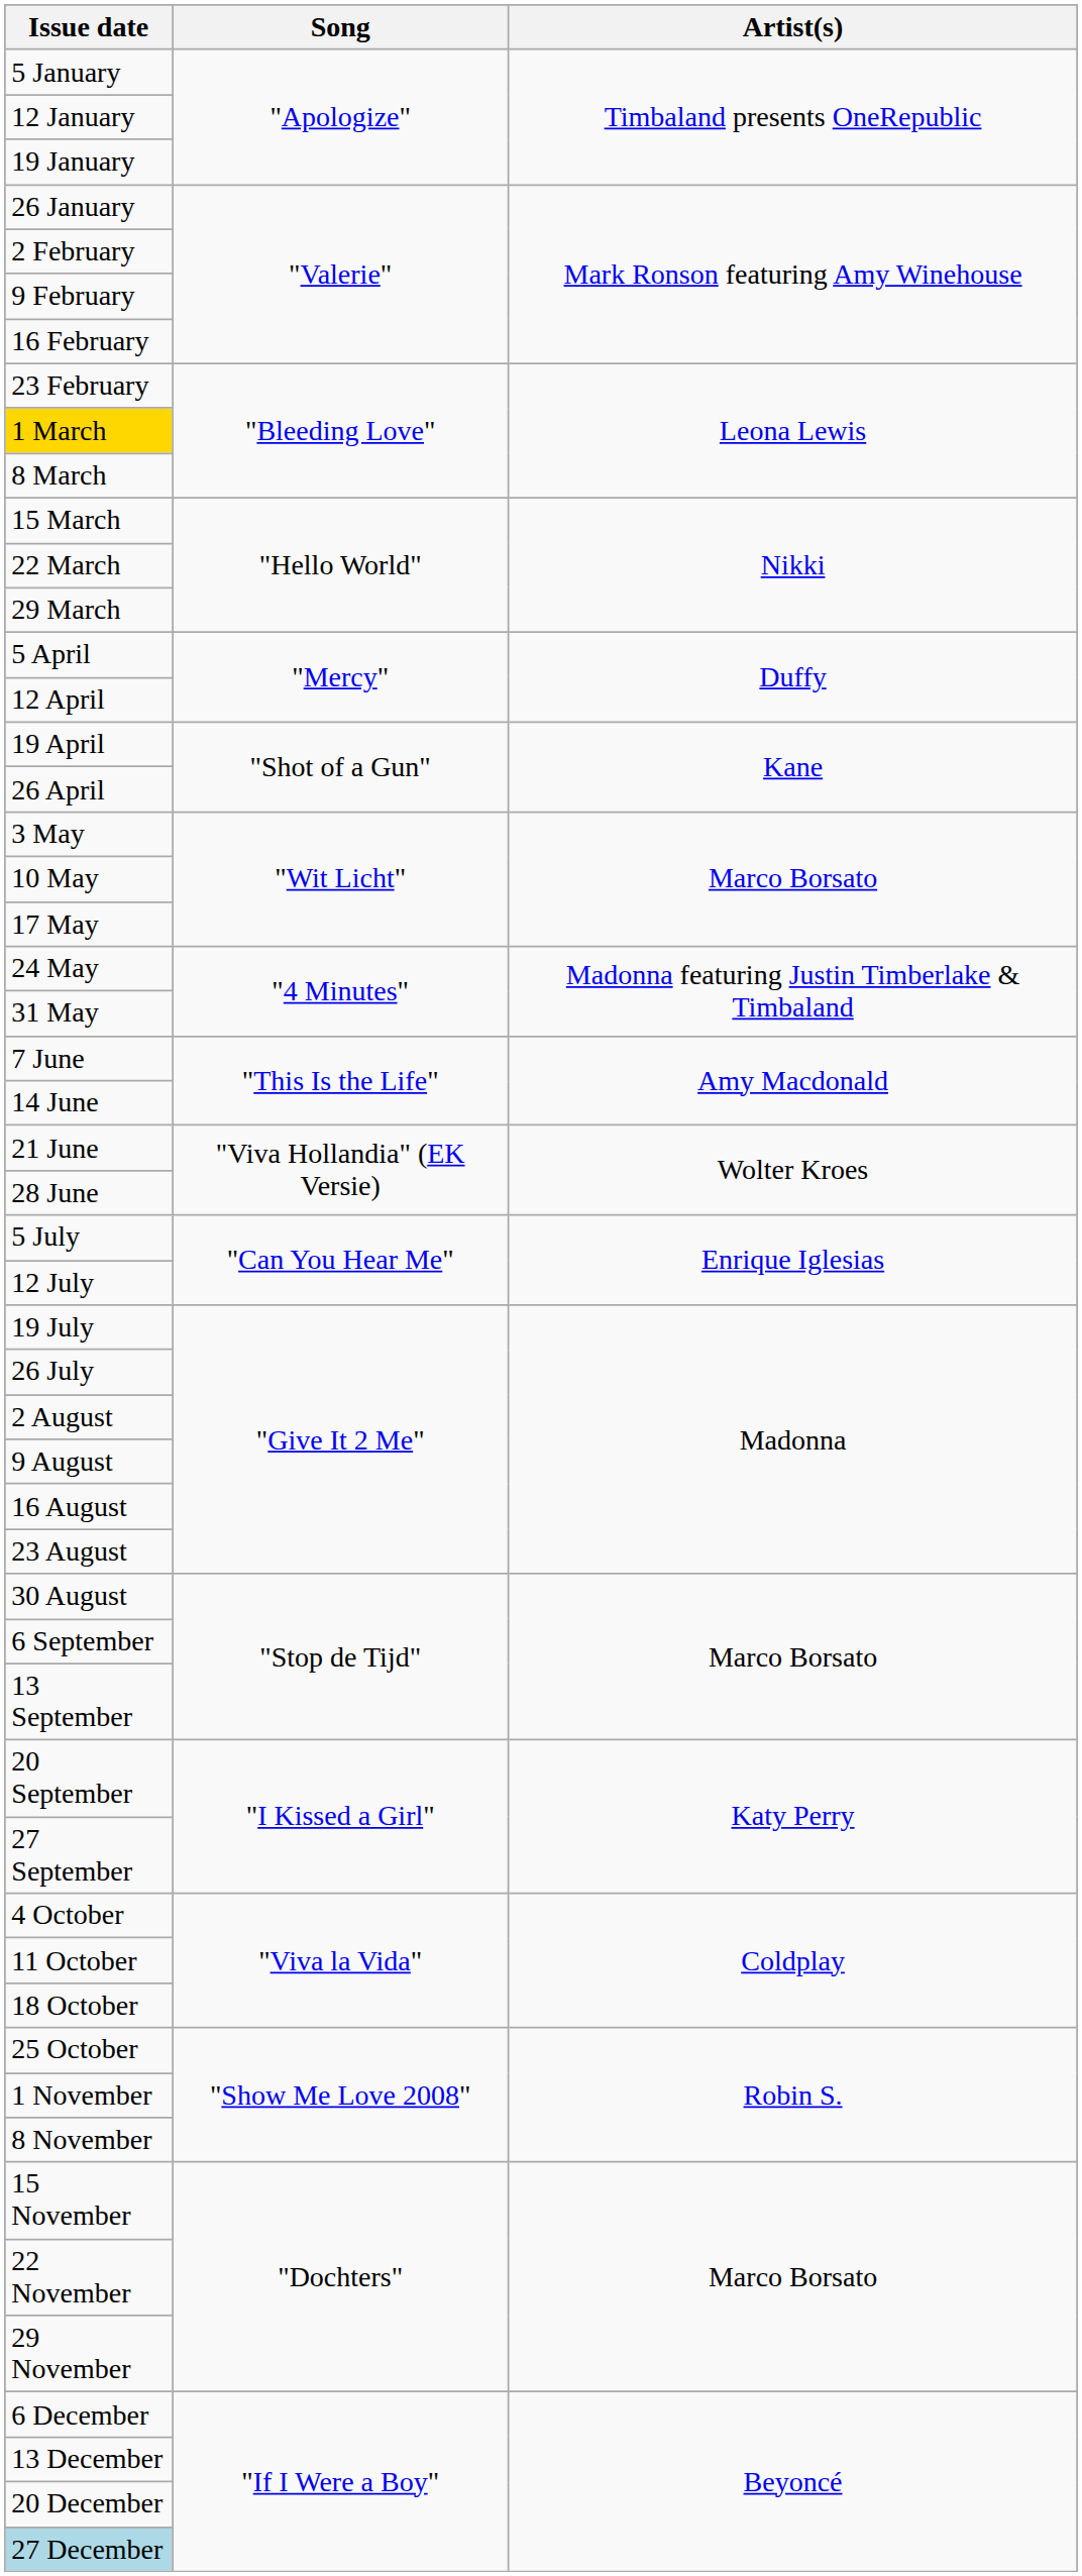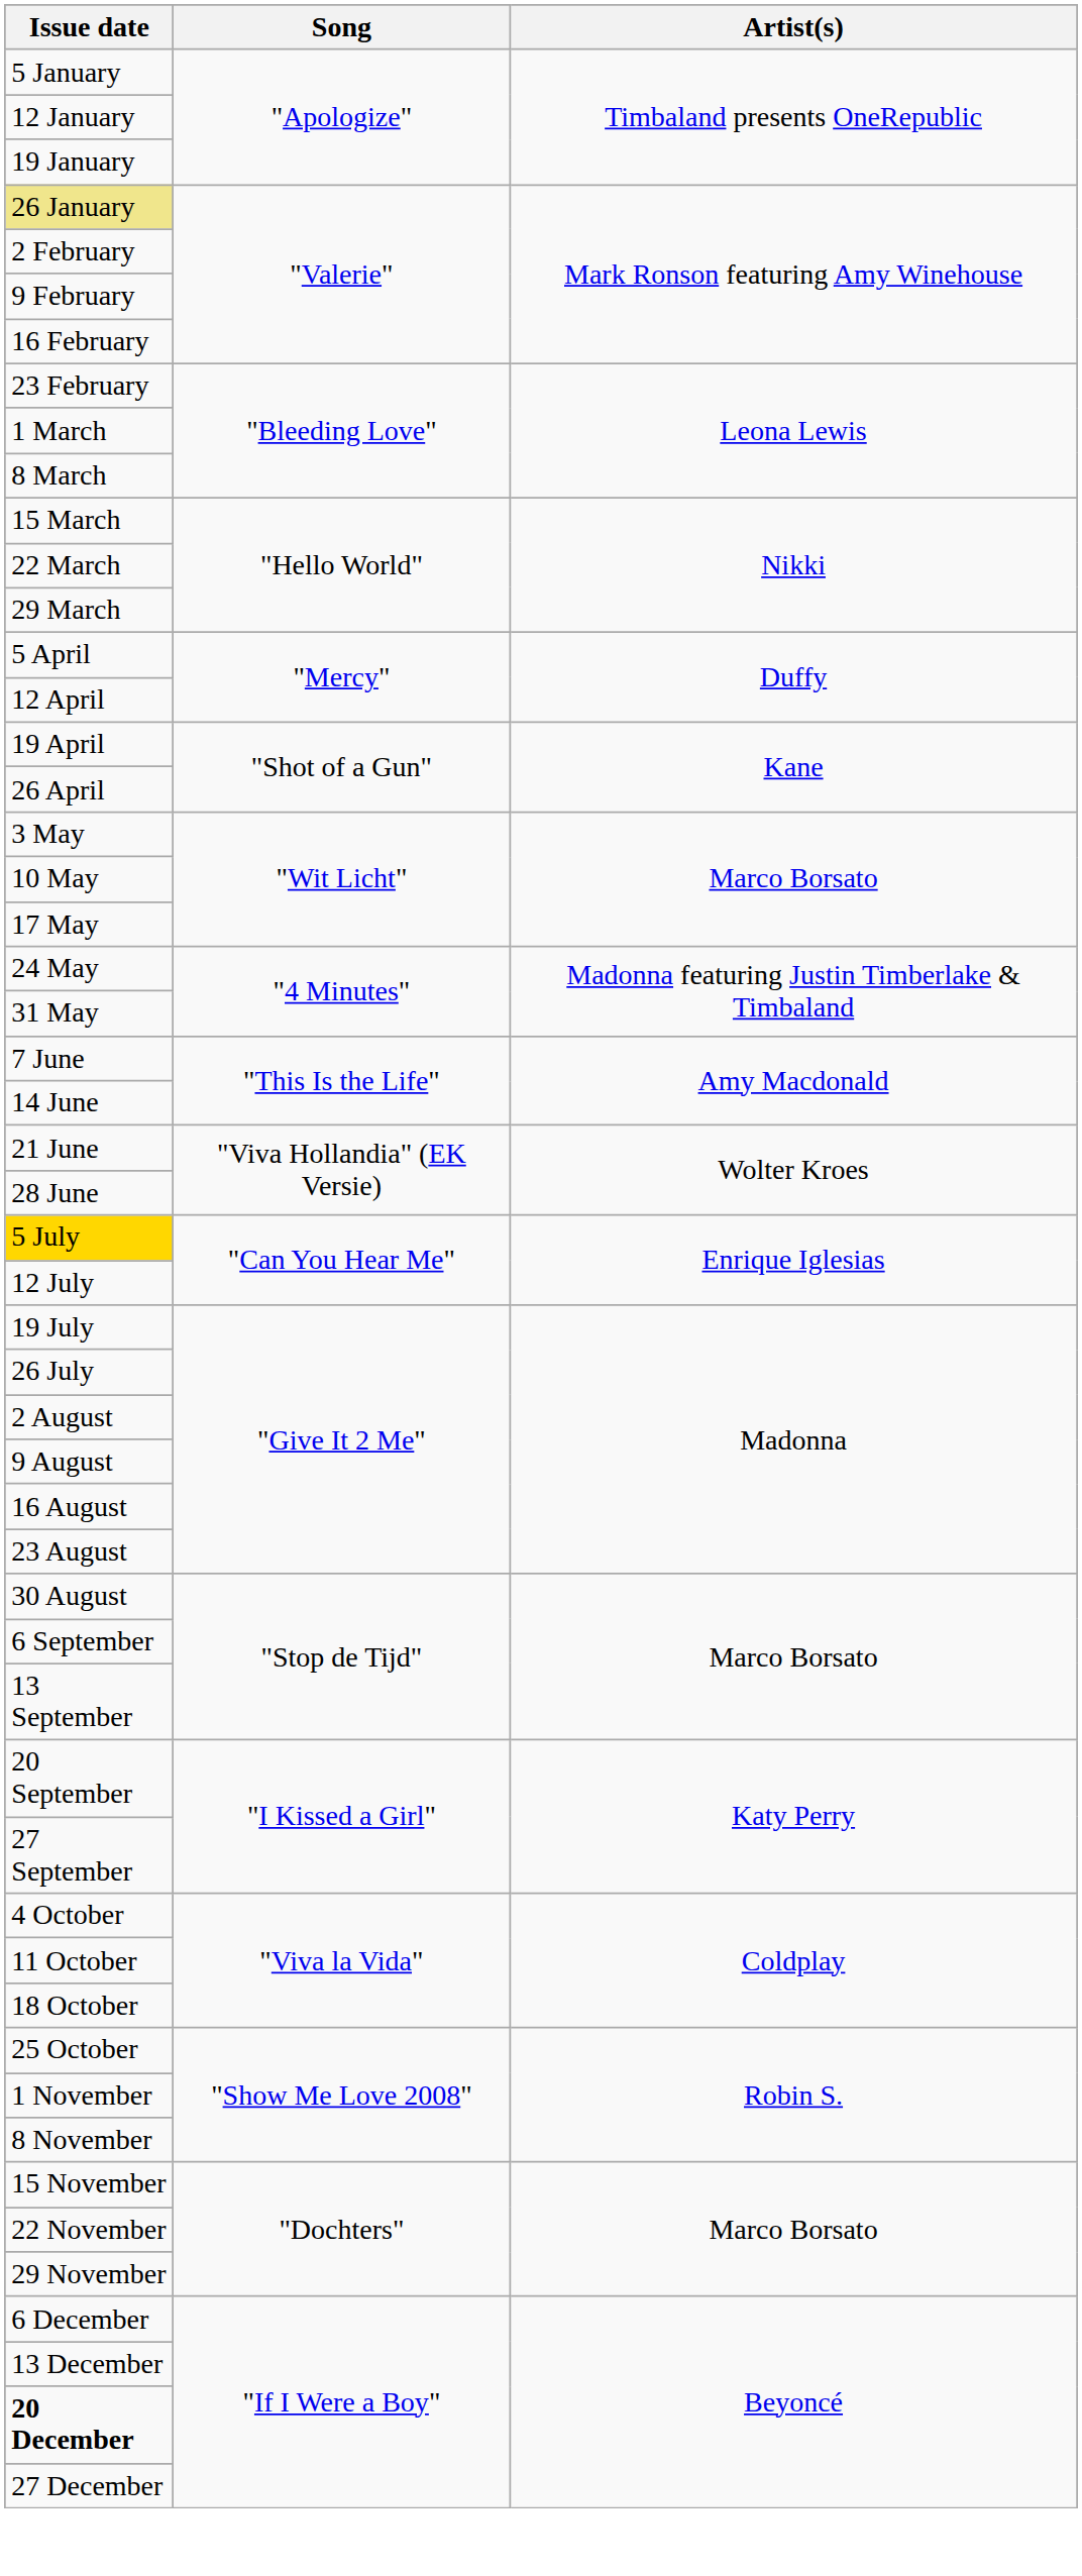 <table class="wikitable">
 <tr>
 <th>Issue date</th>
 <th>Song</th>
 <th>Artist(s)</th>
 </tr>
 <tr>
 <td>5 January</td>
 <td style="text-align: center;" rowspan="3">"<a href='#'>Apologize</a>"</td>
 <td style="text-align: center;" rowspan="3"><a href='#'>Timbaland</a> presents <a href='#'>OneRepublic</a></td>
 </tr>
 <tr>
 <td>12 January</td>
 </tr>
 <tr>
 <td>19 January</td>
 </tr>
 <tr>
-<td>26 January</td>
+<td style="background: khaki;">26 January</td>
 <td style="text-align: center;" rowspan="4">"<a href='#'>Valerie</a>"</td>
 <td style="text-align: center;" rowspan="4"><a href='#'>Mark Ronson</a> featuring <a href='#'>Amy Winehouse</a></td>
 </tr>
 <tr>
 <td>2 February</td>
 </tr>
 <tr>
 <td>9 February</td>
 </tr>
 <tr>
 <td>16 February</td>
 </tr>
 <tr>
 <td>23 February</td>
 <td style="text-align: center;" rowspan="3">"<a href='#'>Bleeding Love</a>"</td>
 <td style="text-align: center;" rowspan="3"><a href='#'>Leona Lewis</a></td>
 </tr>
 <tr>
-<td style="background: gold;">1 March</td>
+<td>1 March</td>
 </tr>
 <tr>
 <td>8 March</td>
 </tr>
 <tr>
 <td>15 March</td>
 <td style="text-align: center;" rowspan="3">"Hello World"</td>
 <td style="text-align: center;" rowspan="3"><a href='#'>Nikki</a></td>
 </tr>
 <tr>
 <td>22 March</td>
 </tr>
 <tr>
 <td>29 March</td>
 </tr>
 <tr>
 <td>5 April</td>
 <td style="text-align: center;" rowspan="2">"<a href='#'>Mercy</a>"</td>
 <td style="text-align: center;" rowspan="2"><a href='#'>Duffy</a></td>
 </tr>
 <tr>
 <td>12 April</td>
 </tr>
 <tr>
 <td>19 April</td>
 <td style="text-align: center;" rowspan="2">"Shot of a Gun"</td>
 <td style="text-align: center;" rowspan="2"><a href='#'>Kane</a></td>
 </tr>
 <tr>
 <td>26 April</td>
 </tr>
 <tr>
 <td>3 May</td>
 <td style="text-align: center;" rowspan="3">"<a href='#'>Wit Licht</a>"</td>
 <td style="text-align: center;" rowspan="3"><a href='#'>Marco Borsato</a></td>
 </tr>
 <tr>
 <td>10 May</td>
 </tr>
 <tr>
 <td>17 May</td>
 </tr>
 <tr>
 <td>24 May</td>
 <td style="text-align: center;" rowspan="2">"<a href='#'>4 Minutes</a>"</td>
 <td style="text-align: center;" rowspan="2"><a href='#'>Madonna</a> featuring <a href='#'>Justin Timberlake</a> & <a href='#'>Timbaland</a></td>
 </tr>
 <tr>
 <td>31 May</td>
 </tr>
 <tr>
 <td>7 June</td>
 <td style="text-align: center;" rowspan="2">"<a href='#'>This Is the Life</a>"</td>
 <td style="text-align: center;" rowspan="2"><a href='#'>Amy Macdonald</a></td>
 </tr>
 <tr>
 <td>14 June</td>
 </tr>
 <tr>
 <td>21 June</td>
 <td style="text-align: center;" rowspan="2">"Viva Hollandia" (<a href='#'>EK</a> Versie)</td>
 <td style="text-align: center;" rowspan="2">Wolter Kroes</td>
 </tr>
 <tr>
 <td>28 June</td>
 </tr>
 <tr>
-<td>5 July</td>
+<td style="background: gold;">5 July</td>
 <td style="text-align: center;" rowspan="2">"<a href='#'>Can You Hear Me</a>"</td>
 <td style="text-align: center;" rowspan="2"><a href='#'>Enrique Iglesias</a></td>
 </tr>
 <tr>
 <td>12 July</td>
 </tr>
 <tr>
 <td>19 July</td>
 <td style="text-align: center;" rowspan="6">"<a href='#'>Give It 2 Me</a>"</td>
 <td style="text-align: center;" rowspan="6">Madonna</td>
 </tr>
 <tr>
 <td>26 July</td>
 </tr>
 <tr>
 <td>2 August</td>
 </tr>
 <tr>
 <td>9 August</td>
 </tr>
 <tr>
 <td>16 August</td>
 </tr>
 <tr>
 <td>23 August</td>
 </tr>
 <tr>
 <td>30 August</td>
 <td style="text-align: center;" rowspan="3">"Stop de Tijd"</td>
 <td style="text-align: center;" rowspan="3">Marco Borsato</td>
 </tr>
 <tr>
 <td>6 September</td>
 </tr>
 <tr>
 <td>13 September</td>
 </tr>
 <tr>
 <td>20 September</td>
 <td style="text-align: center;" rowspan="2">"<a href='#'>I Kissed a Girl</a>"</td>
 <td style="text-align: center;" rowspan="2"><a href='#'>Katy Perry</a></td>
 </tr>
 <tr>
 <td>27 September</td>
 </tr>
 <tr>
 <td>4 October</td>
 <td style="text-align: center;" rowspan="3">"<a href='#'>Viva la Vida</a>"</td>
 <td style="text-align: center;" rowspan="3"><a href='#'>Coldplay</a></td>
 </tr>
 <tr>
 <td>11 October</td>
 </tr>
 <tr>
 <td>18 October</td>
 </tr>
 <tr>
 <td>25 October</td>
 <td style="text-align: center;" rowspan="3">"<a href='#'>Show Me Love 2008</a>"</td>
 <td style="text-align: center;" rowspan="3"><a href='#'>Robin S.</a></td>
 </tr>
 <tr>
 <td>1 November</td>
 </tr>
 <tr>
 <td>8 November</td>
 </tr>
 <tr>
 <td>15 November</td>
 <td style="text-align: center;" rowspan="3">"Dochters"</td>
 <td style="text-align: center;" rowspan="3">Marco Borsato</td>
 </tr>
 <tr>
 <td>22 November</td>
 </tr>
 <tr>
 <td>29 November</td>
 </tr>
 <tr>
 <td>6 December</td>
 <td style="text-align: center;" rowspan="4">"<a href='#'>If I Were a Boy</a>"</td>
 <td style="text-align: center;" rowspan="4"><a href='#'>Beyoncé</a></td>
 </tr>
 <tr>
 <td>13 December</td>
 </tr>
 <tr>
-<td>20 December</td>
+<td><strong>20 December</strong></td>
 </tr>
 <tr>
-<td style="background: lightblue;">27 December</td>
+<td>27 December</td>
 </tr>
 </table>
